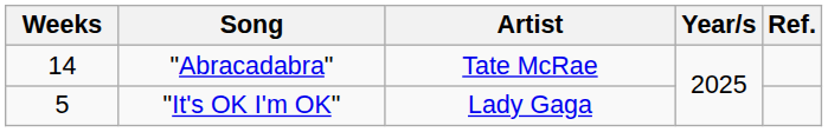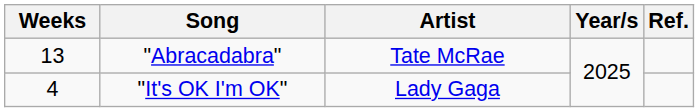 <table class="wikitable">
 <tr>
 <th scope="col" style="width:4em;" class="unsortable">Weeks</th>
 <th scope="col" style="width:10em;">Song</th>
 <th scope="col" style="width:11em;" class="unsortable">Artist</th>
 <th scope="col" style="width:1em;">Year/s</th>
 <th scope="col" style="width:1em;">Ref.</th>
 </tr>
 <tr>
-<td align=center>14</td>
+<td align=center>13</td>
 <td align=center>"<a href='#'>Abracadabra</a>"</td>
 <td align=center><a href='#'>Tate McRae</a></td>
 <td rowspan=2 align=center>2025</td>
 <td></td>
 </tr>
 <tr>
-<td align=center>5</td>
+<td align=center>4</td>
 <td align=center>"<a href='#'>It's OK I'm OK</a>"</td>
 <td align=center><a href='#'>Lady Gaga</a></td>
 <td></td>
 </tr>
 </table>
